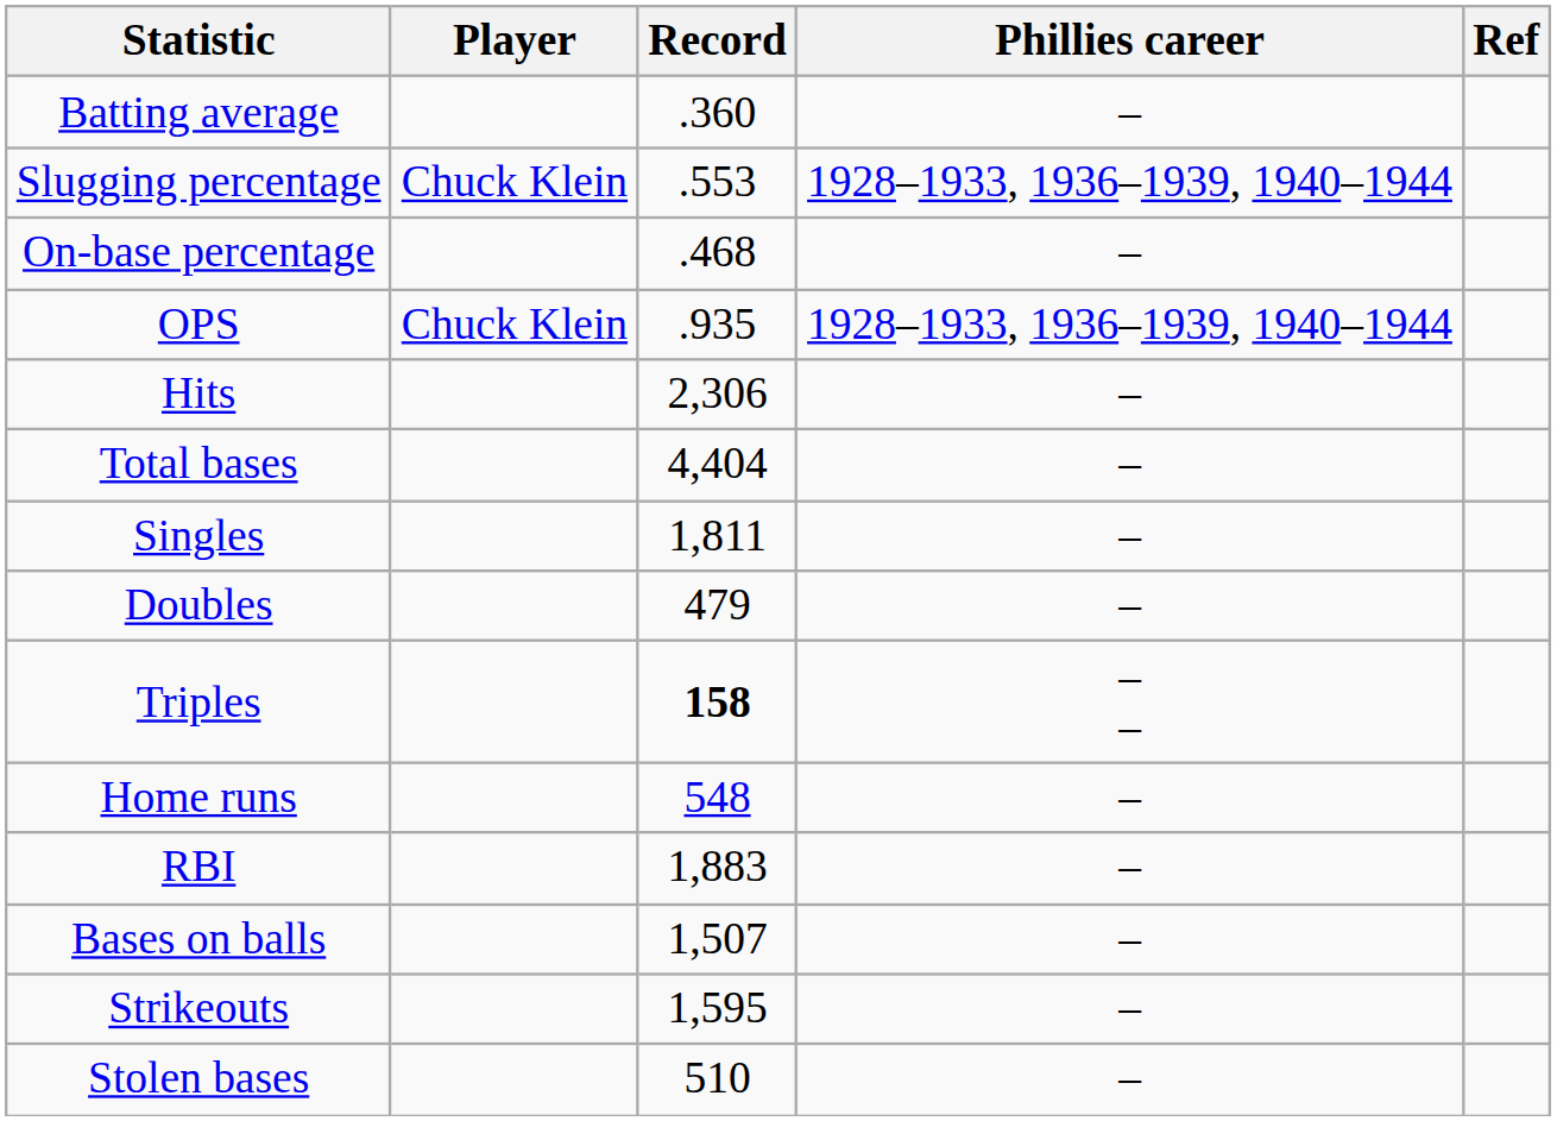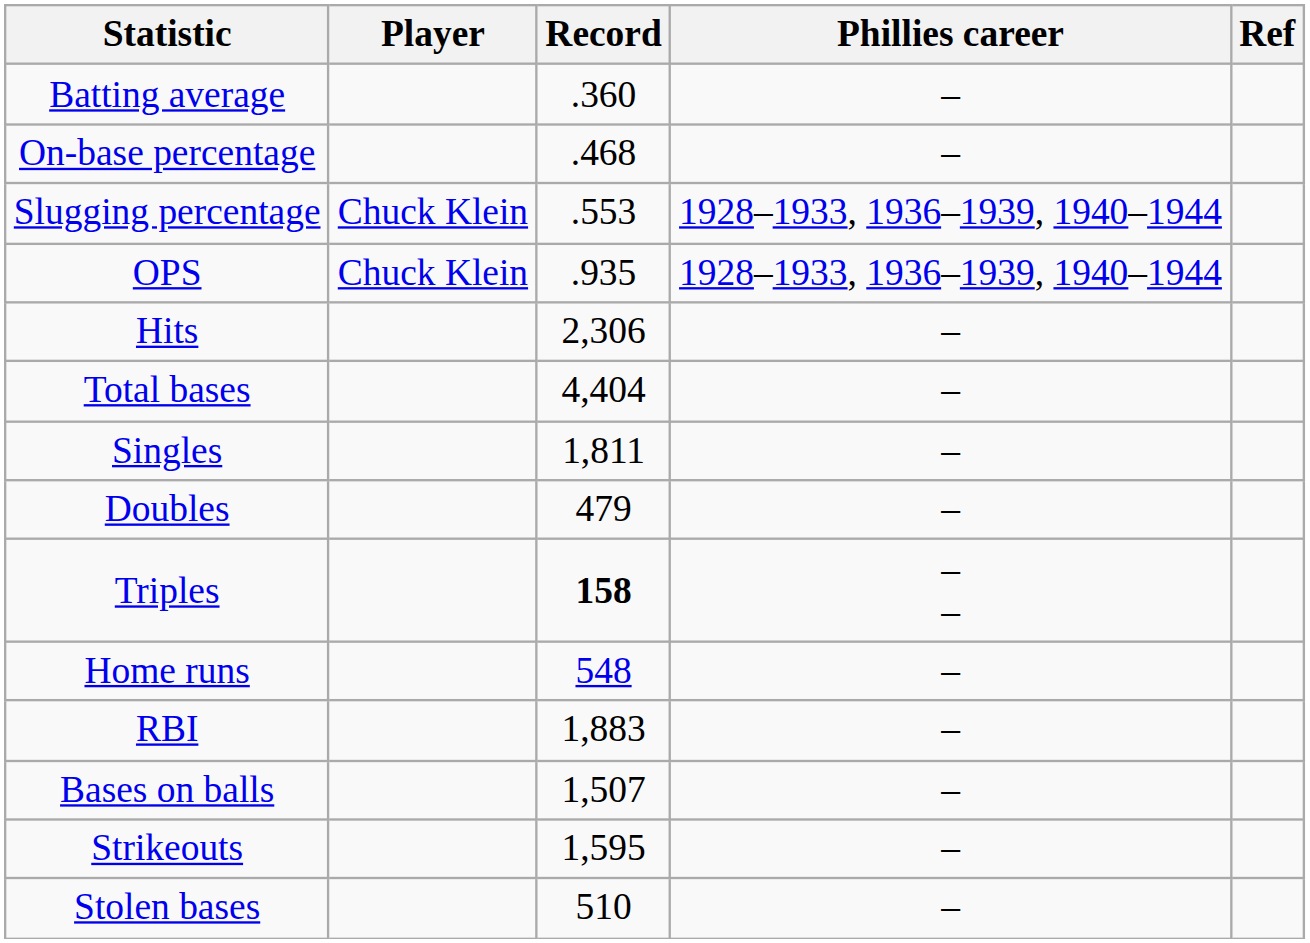 <table class="sortable wikitable" style="text-align:center">
 <tr>
 <th>Statistic</th>
 <th>Player</th>
 <th class="unsortable">Record</th>
 <th>Phillies career</th>
 <th class="unsortable">Ref</th>
 </tr>
 <tr>
 <td><a href='#'>Batting average</a></td>
 <td></td>
 <td>.360</td>
 <td>–</td>
 <td></td>
 </tr>
 <tr>
+<td><a href='#'>On-base percentage</a></td>
+<td></td>
+<td>.468</td>
+<td>–</td>
+<td></td>
+</tr>
+<tr>
 <td><a href='#'>Slugging percentage</a></td>
 <td><a href='#'>Chuck Klein</a></td>
 <td>.553</td>
 <td><a href='#'>1928</a>–<a href='#'>1933</a>, <a href='#'>1936</a>–<a href='#'>1939</a>, <a href='#'>1940</a>–<a href='#'>1944</a></td>
-<td></td>
-</tr>
-<tr>
-<td><a href='#'>On-base percentage</a></td>
-<td></td>
-<td>.468</td>
-<td>–</td>
 <td></td>
 </tr>
 <tr>
 <td><a href='#'>OPS</a></td>
 <td><a href='#'>Chuck Klein</a></td>
 <td>.935</td>
 <td><a href='#'>1928</a>–<a href='#'>1933</a>, <a href='#'>1936</a>–<a href='#'>1939</a>, <a href='#'>1940</a>–<a href='#'>1944</a></td>
 <td></td>
 </tr>
 <tr>
 <td><a href='#'>Hits</a></td>
 <td></td>
 <td>2,306</td>
 <td>–</td>
 <td></td>
 </tr>
 <tr>
 <td><a href='#'>Total bases</a></td>
 <td></td>
 <td>4,404</td>
 <td>–</td>
 <td></td>
 </tr>
 <tr>
 <td><a href='#'>Singles</a></td>
 <td></td>
 <td>1,811</td>
 <td>–</td>
 <td></td>
 </tr>
 <tr>
 <td><a href='#'>Doubles</a></td>
 <td></td>
 <td>479</td>
 <td>–</td>
 <td></td>
 </tr>
 <tr>
 <td><a href='#'>Triples</a></td>
 <td></td>
 <td><strong>158</strong></td>
 <td>–<br>–</td>
 <td></td>
 </tr>
 <tr>
 <td><a href='#'>Home runs</a></td>
 <td></td>
 <td><a href='#'>548</a></td>
 <td>–</td>
 <td></td>
 </tr>
 <tr>
 <td><a href='#'>RBI</a></td>
 <td></td>
 <td>1,883</td>
 <td>–</td>
 <td></td>
 </tr>
 <tr>
 <td><a href='#'>Bases on balls</a></td>
 <td></td>
 <td>1,507</td>
 <td>–</td>
 <td></td>
 </tr>
 <tr>
 <td><a href='#'>Strikeouts</a></td>
 <td></td>
 <td>1,595</td>
 <td>–</td>
 <td></td>
 </tr>
 <tr>
 <td><a href='#'>Stolen bases</a></td>
 <td></td>
 <td>510</td>
 <td>–</td>
 <td></td>
 </tr>
 </table>
